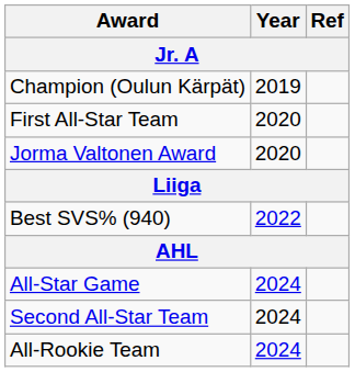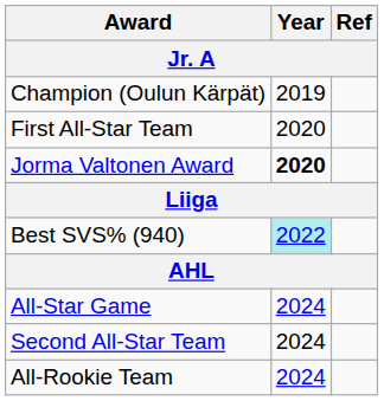 <table class="wikitable">
 <tr>
 <th>Award</th>
 <th>Year</th>
 <th>Ref</th>
 </tr>
 <tr>
 <th colspan="3"><a href='#'>Jr. A</a></th>
 </tr>
 <tr>
 <td>Champion (Oulun Kärpät)</td>
 <td>2019</td>
 <td></td>
 </tr>
 <tr>
 <td>First All-Star Team</td>
 <td>2020</td>
 <td></td>
 </tr>
 <tr>
 <td><a href='#'>Jorma Valtonen Award</a></td>
-<td>2020</td>
+<td><strong>2020</strong></td>
 <td></td>
 </tr>
 <tr>
 <th colspan="3"><a href='#'>Liiga</a></th>
 </tr>
 <tr>
 <td>Best SVS% (940)</td>
-<td><a href='#'>2022</a></td>
+<td style="background: paleturquoise;"><a href='#'>2022</a></td>
 <td></td>
 </tr>
 <tr>
 <th colspan="3"><a href='#'>AHL</a></th>
 </tr>
 <tr>
 <td><a href='#'>All-Star Game</a></td>
 <td><a href='#'>2024</a></td>
 <td></td>
 </tr>
 <tr>
 <td><a href='#'>Second All-Star Team</a></td>
 <td>2024</td>
 <td></td>
 </tr>
 <tr>
 <td>All-Rookie Team</td>
 <td><a href='#'>2024</a></td>
 <td></td>
 </tr>
 </table>
